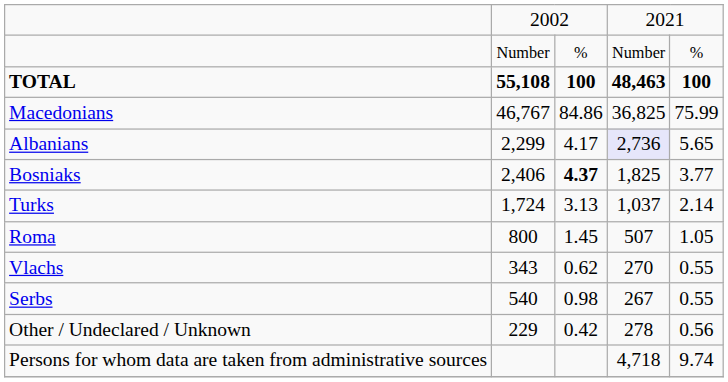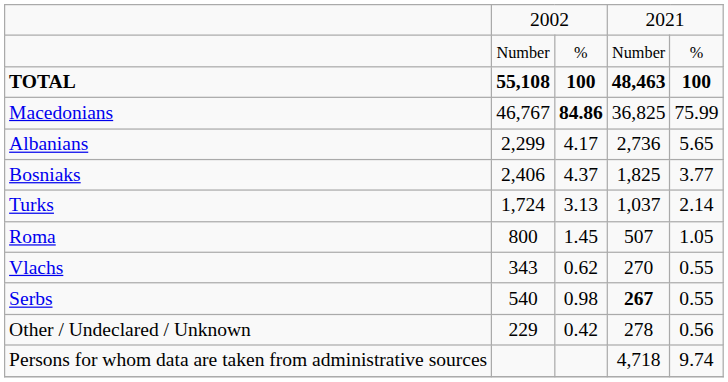 <table class="wikitable">
 <tr>
 <td></td>
 <td colspan="2" align="center">2002</td>
 <td colspan="2" align="center">2021</td>
 </tr>
 <tr>
 <td></td>
 <td align="center"><small>Number</small></td>
 <td align="center"><small>%</small></td>
 <td align="center"><small>Number</small></td>
 <td align="center"><small>%</small></td>
 </tr>
 <tr>
 <td><strong>TOTAL</strong></td>
 <td align="center"><strong>55,108</strong></td>
 <td align="center"><strong>100</strong></td>
 <td align="center"><strong>48,463</strong></td>
 <td align="center"><strong>100</strong></td>
 </tr>
 <tr>
 <td><a href='#'>Macedonians</a></td>
 <td align="center">46,767</td>
-<td align="center">84.86</td>
+<td align="center"><strong>84.86</strong></td>
 <td align="center">36,825</td>
 <td align="center">75.99</td>
 </tr>
 <tr>
 <td><a href='#'>Albanians</a></td>
 <td align="center">2,299</td>
 <td align="center">4.17</td>
-<td align="center" style="background: lavender;">2,736</td>
+<td align="center">2,736</td>
 <td align="center">5.65</td>
 </tr>
 <tr>
 <td><a href='#'>Bosniaks</a></td>
 <td align="center">2,406</td>
-<td align="center"><strong>4.37</strong></td>
+<td align="center">4.37</td>
 <td align="center">1,825</td>
 <td align="center">3.77</td>
 </tr>
 <tr>
 <td><a href='#'>Turks</a></td>
 <td align="center">1,724</td>
 <td align="center">3.13</td>
 <td align="center">1,037</td>
 <td align="center">2.14</td>
 </tr>
 <tr>
 <td><a href='#'>Roma</a></td>
 <td align="center">800</td>
 <td align="center">1.45</td>
 <td align="center">507</td>
 <td align="center">1.05</td>
 </tr>
 <tr>
 <td><a href='#'>Vlachs</a></td>
 <td align="center">343</td>
 <td align="center">0.62</td>
 <td align="center">270</td>
 <td align="center">0.55</td>
 </tr>
 <tr>
 <td><a href='#'>Serbs</a></td>
 <td align="center">540</td>
 <td align="center">0.98</td>
-<td align="center">267</td>
+<td align="center"><strong>267</strong></td>
 <td align="center">0.55</td>
 </tr>
 <tr>
 <td>Other / Undeclared / Unknown</td>
 <td align="center">229</td>
 <td align="center">0.42</td>
 <td align="center">278</td>
 <td align="center">0.56</td>
 </tr>
 <tr>
 <td>Persons for whom data are taken from administrative sources</td>
 <td align="center"></td>
 <td align="center"></td>
 <td align="center">4,718</td>
 <td align="center">9.74</td>
 </tr>
 <tr>
 </tr>
 </table>
